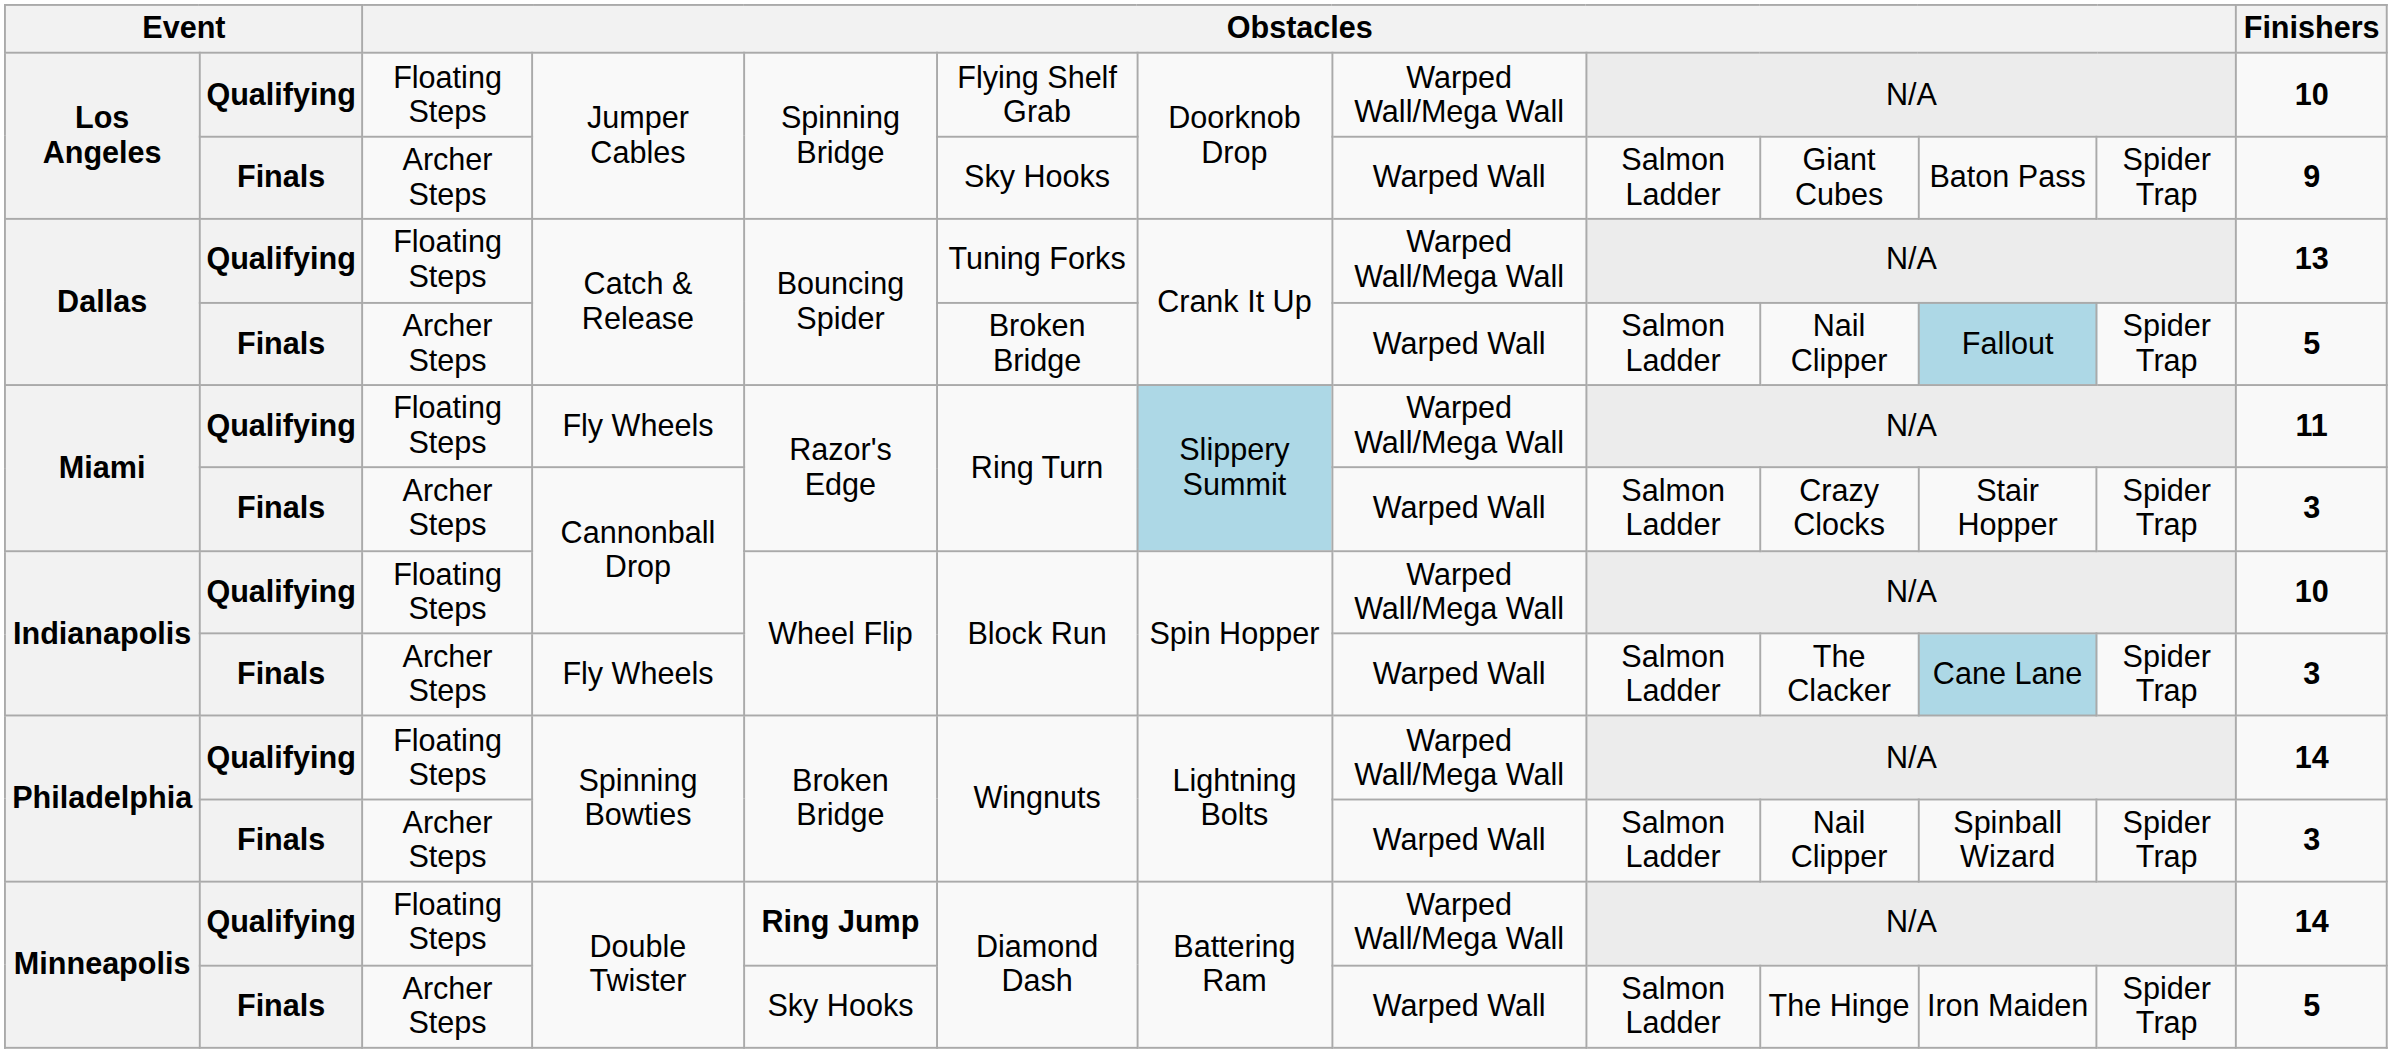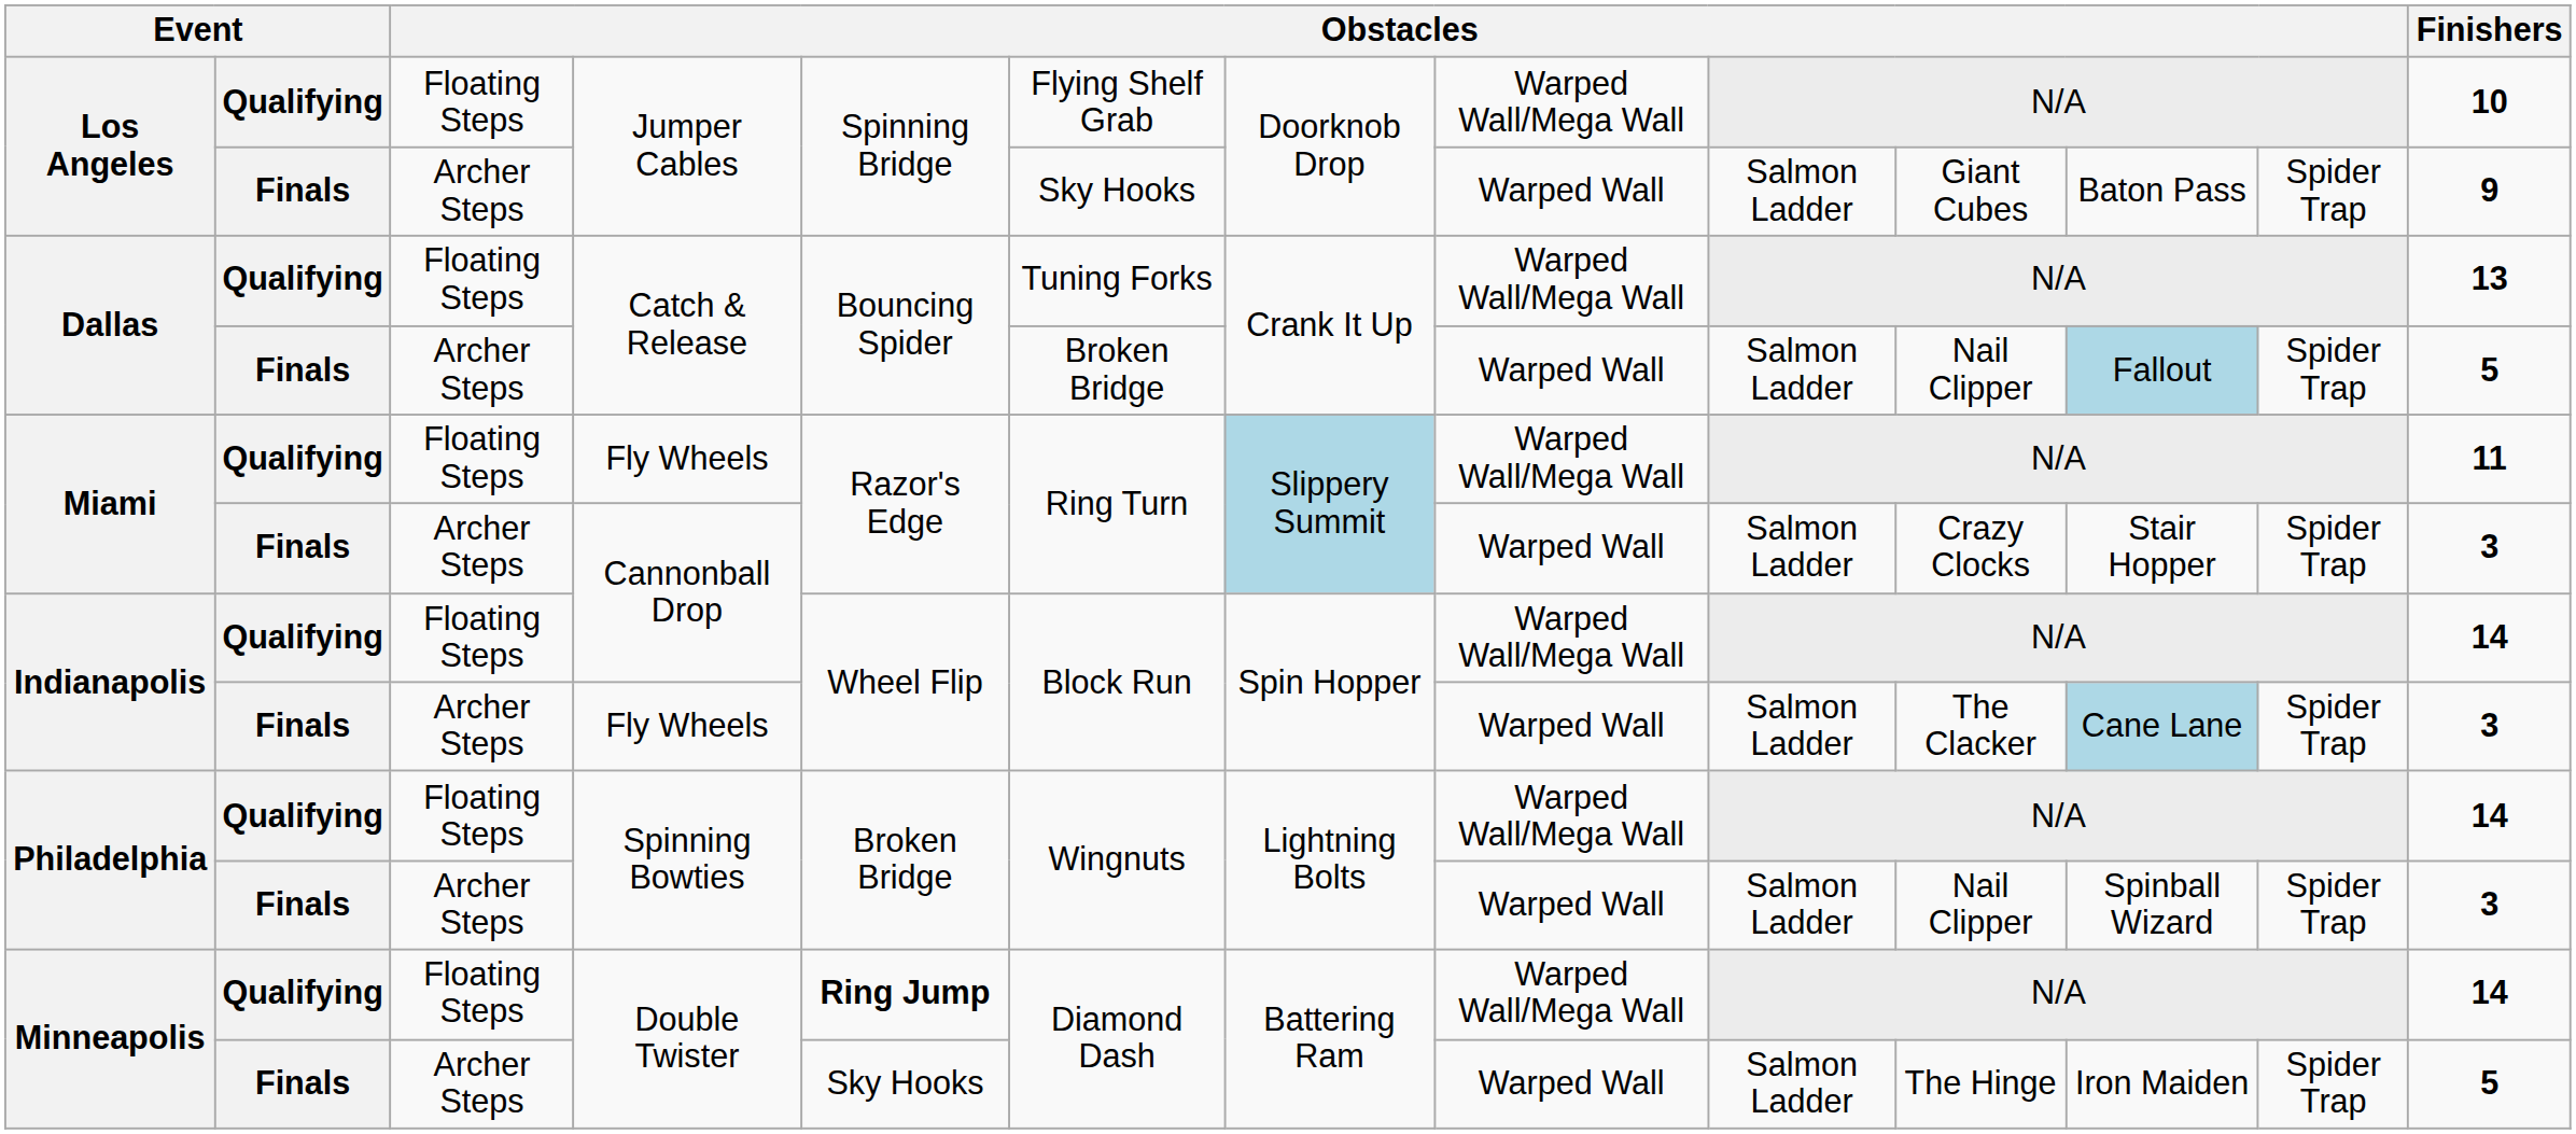 <table class="wikitable" style="text-align:center;">
 <tr>
 <th colspan="2">Event</th>
 <th colspan="10">Obstacles</th>
 <th>Finishers</th>
 </tr>
 <tr>
 <th rowspan="2">Los Angeles</th>
 <th>Qualifying</th>
 <td>Floating Steps</td>
 <td rowspan="2">Jumper Cables</td>
 <td rowspan="2">Spinning Bridge</td>
 <td>Flying Shelf Grab</td>
 <td rowspan="2">Doorknob Drop</td>
 <td>Warped Wall/Mega Wall</td>
 <td colspan="4" style="background:#ECECEC;">N/A</td>
 <td><strong>10</strong></td>
 </tr>
 <tr>
 <th>Finals</th>
 <td>Archer Steps</td>
 <td>Sky Hooks</td>
 <td>Warped Wall</td>
 <td>Salmon Ladder</td>
 <td>Giant Cubes</td>
 <td>Baton Pass</td>
 <td>Spider Trap</td>
 <td><strong>9</strong></td>
 </tr>
 <tr>
 <th rowspan="2">Dallas</th>
 <th>Qualifying</th>
 <td>Floating Steps</td>
 <td rowspan="2">Catch & Release</td>
 <td rowspan="2">Bouncing Spider</td>
 <td>Tuning Forks</td>
 <td rowspan="2">Crank It Up</td>
 <td>Warped Wall/Mega Wall</td>
 <td colspan="4" style="background:#ECECEC;">N/A</td>
 <td><strong>13</strong></td>
 </tr>
 <tr>
 <th>Finals</th>
 <td>Archer Steps</td>
 <td>Broken Bridge</td>
 <td>Warped Wall</td>
 <td>Salmon Ladder</td>
 <td>Nail Clipper</td>
 <td bgcolor="lightblue">Fallout</td>
 <td>Spider Trap</td>
 <td><strong>5</strong></td>
 </tr>
 <tr>
 <th rowspan="2">Miami</th>
 <th>Qualifying</th>
 <td>Floating Steps</td>
 <td>Fly Wheels</td>
 <td rowspan="2">Razor's Edge</td>
 <td rowspan="2">Ring Turn</td>
 <td rowspan="2" bgcolor="lightblue">Slippery Summit</td>
 <td>Warped Wall/Mega Wall</td>
 <td colspan="4" style="background:#ECECEC;">N/A</td>
 <td><strong>11</strong></td>
 </tr>
 <tr>
 <th>Finals</th>
 <td>Archer Steps</td>
 <td rowspan="2">Cannonball Drop</td>
 <td>Warped Wall</td>
 <td>Salmon Ladder</td>
 <td>Crazy Clocks</td>
 <td>Stair Hopper</td>
 <td>Spider Trap</td>
 <td><strong>3</strong></td>
 </tr>
 <tr>
 <th rowspan="2">Indianapolis</th>
 <th>Qualifying</th>
 <td>Floating Steps</td>
 <td rowspan="2">Wheel Flip</td>
 <td rowspan="2">Block Run</td>
 <td rowspan="2">Spin Hopper</td>
 <td>Warped Wall/Mega Wall</td>
 <td colspan="4" style="background:#ECECEC;">N/A</td>
-<td><strong>10</strong></td>
+<td><strong>14</strong></td>
 </tr>
 <tr>
 <th>Finals</th>
 <td>Archer Steps</td>
 <td>Fly Wheels</td>
 <td>Warped Wall</td>
 <td>Salmon Ladder</td>
 <td>The Clacker</td>
 <td bgcolor="lightblue">Cane Lane</td>
 <td>Spider Trap</td>
 <td><strong>3</strong></td>
 </tr>
 <tr>
 <th rowspan="2">Philadelphia</th>
 <th>Qualifying</th>
 <td>Floating Steps</td>
 <td rowspan="2">Spinning Bowties</td>
 <td rowspan="2">Broken Bridge</td>
 <td rowspan="2">Wingnuts</td>
 <td rowspan="2">Lightning Bolts</td>
 <td>Warped Wall/Mega Wall</td>
 <td colspan="4" style="background:#ECECEC;">N/A</td>
 <td><strong>14</strong></td>
 </tr>
 <tr>
 <th>Finals</th>
 <td>Archer Steps</td>
 <td>Warped Wall</td>
 <td>Salmon Ladder</td>
 <td>Nail Clipper</td>
 <td>Spinball Wizard</td>
 <td>Spider Trap</td>
 <td><strong>3</strong></td>
 </tr>
 <tr>
 <th rowspan="2">Minneapolis</th>
 <th>Qualifying</th>
 <td>Floating Steps</td>
 <td rowspan="2">Double Twister</td>
 <td><strong>Ring Jump</strong></td>
 <td rowspan="2">Diamond Dash</td>
 <td rowspan="2">Battering Ram</td>
 <td>Warped Wall/Mega Wall</td>
 <td colspan="4" style="background:#ECECEC;">N/A</td>
 <td><strong>14</strong></td>
 </tr>
 <tr>
 <th>Finals</th>
 <td>Archer Steps</td>
 <td>Sky Hooks</td>
 <td>Warped Wall</td>
 <td>Salmon Ladder</td>
 <td>The Hinge</td>
 <td>Iron Maiden</td>
 <td>Spider Trap</td>
 <td><strong>5</strong></td>
 </tr>
 </table>
